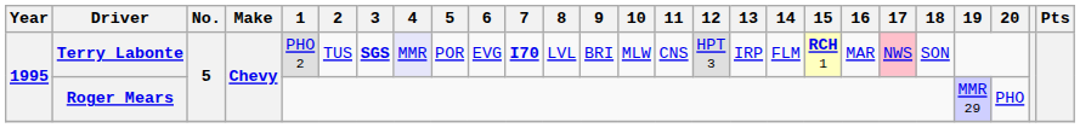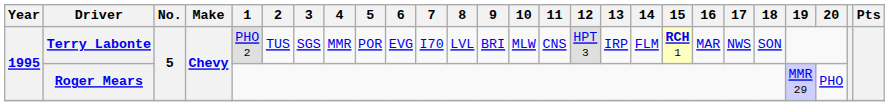 <table class="wikitable" style="text-align:center; font-size:75%">
 <tr>
 <th>Year</th>
 <th>Driver</th>
 <th>No.</th>
 <th>Make</th>
 <th>1</th>
 <th>2</th>
 <th>3</th>
 <th>4</th>
 <th>5</th>
 <th>6</th>
 <th>7</th>
 <th>8</th>
 <th>9</th>
 <th>10</th>
 <th>11</th>
 <th>12</th>
 <th>13</th>
 <th>14</th>
 <th>15</th>
 <th>16</th>
 <th>17</th>
 <th>18</th>
 <th>19</th>
 <th>20</th>
 <th></th>
 <th>Pts</th>
 </tr>
 <tr>
 <th rowspan=2><a href='#'>1995</a></th>
 <th><a href='#'>Terry Labonte</a></th>
 <th rowspan=2>5</th>
 <th rowspan=2><a href='#'>Chevy</a></th>
 <td style="background:#DFDFDF;"><a href='#'>PHO</a><br><small>2</small></td>
 <td><a href='#'>TUS</a></td>
-<td><strong><a href='#'>SGS</a></strong></td>
-<td style="background: lavender;"><a href='#'>MMR</a></td>
+<td><a href='#'>SGS</a></td>
+<td><a href='#'>MMR</a></td>
 <td><a href='#'>POR</a></td>
 <td><a href='#'>EVG</a></td>
-<td><strong><a href='#'>I70</a></strong></td>
+<td><a href='#'>I70</a></td>
 <td><a href='#'>LVL</a></td>
 <td><a href='#'>BRI</a></td>
 <td><a href='#'>MLW</a></td>
 <td><a href='#'>CNS</a></td>
 <td style="background:#DFDFDF;"><a href='#'>HPT</a><br><small>3</small></td>
 <td><a href='#'>IRP</a></td>
 <td><a href='#'>FLM</a></td>
 <td style="background:#FFFFBF;"><strong><a href='#'>RCH</a></strong><br><small>1</small></td>
 <td><a href='#'>MAR</a></td>
-<td style="background: pink;"><a href='#'>NWS</a></td>
+<td><a href='#'>NWS</a></td>
 <td><a href='#'>SON</a></td>
 <td colspan=2></td>
 <th Rowspan=2></th>
 <th Rowspan=2></th>
 </tr>
 <tr>
 <th><a href='#'>Roger Mears</a></th>
 <td colspan=18></td>
 <td style="background:#CFCFFF;"><a href='#'>MMR</a><br><small>29</small></td>
 <td><a href='#'>PHO</a></td>
 </tr>
 <tr>
 </tr>
 </table>
